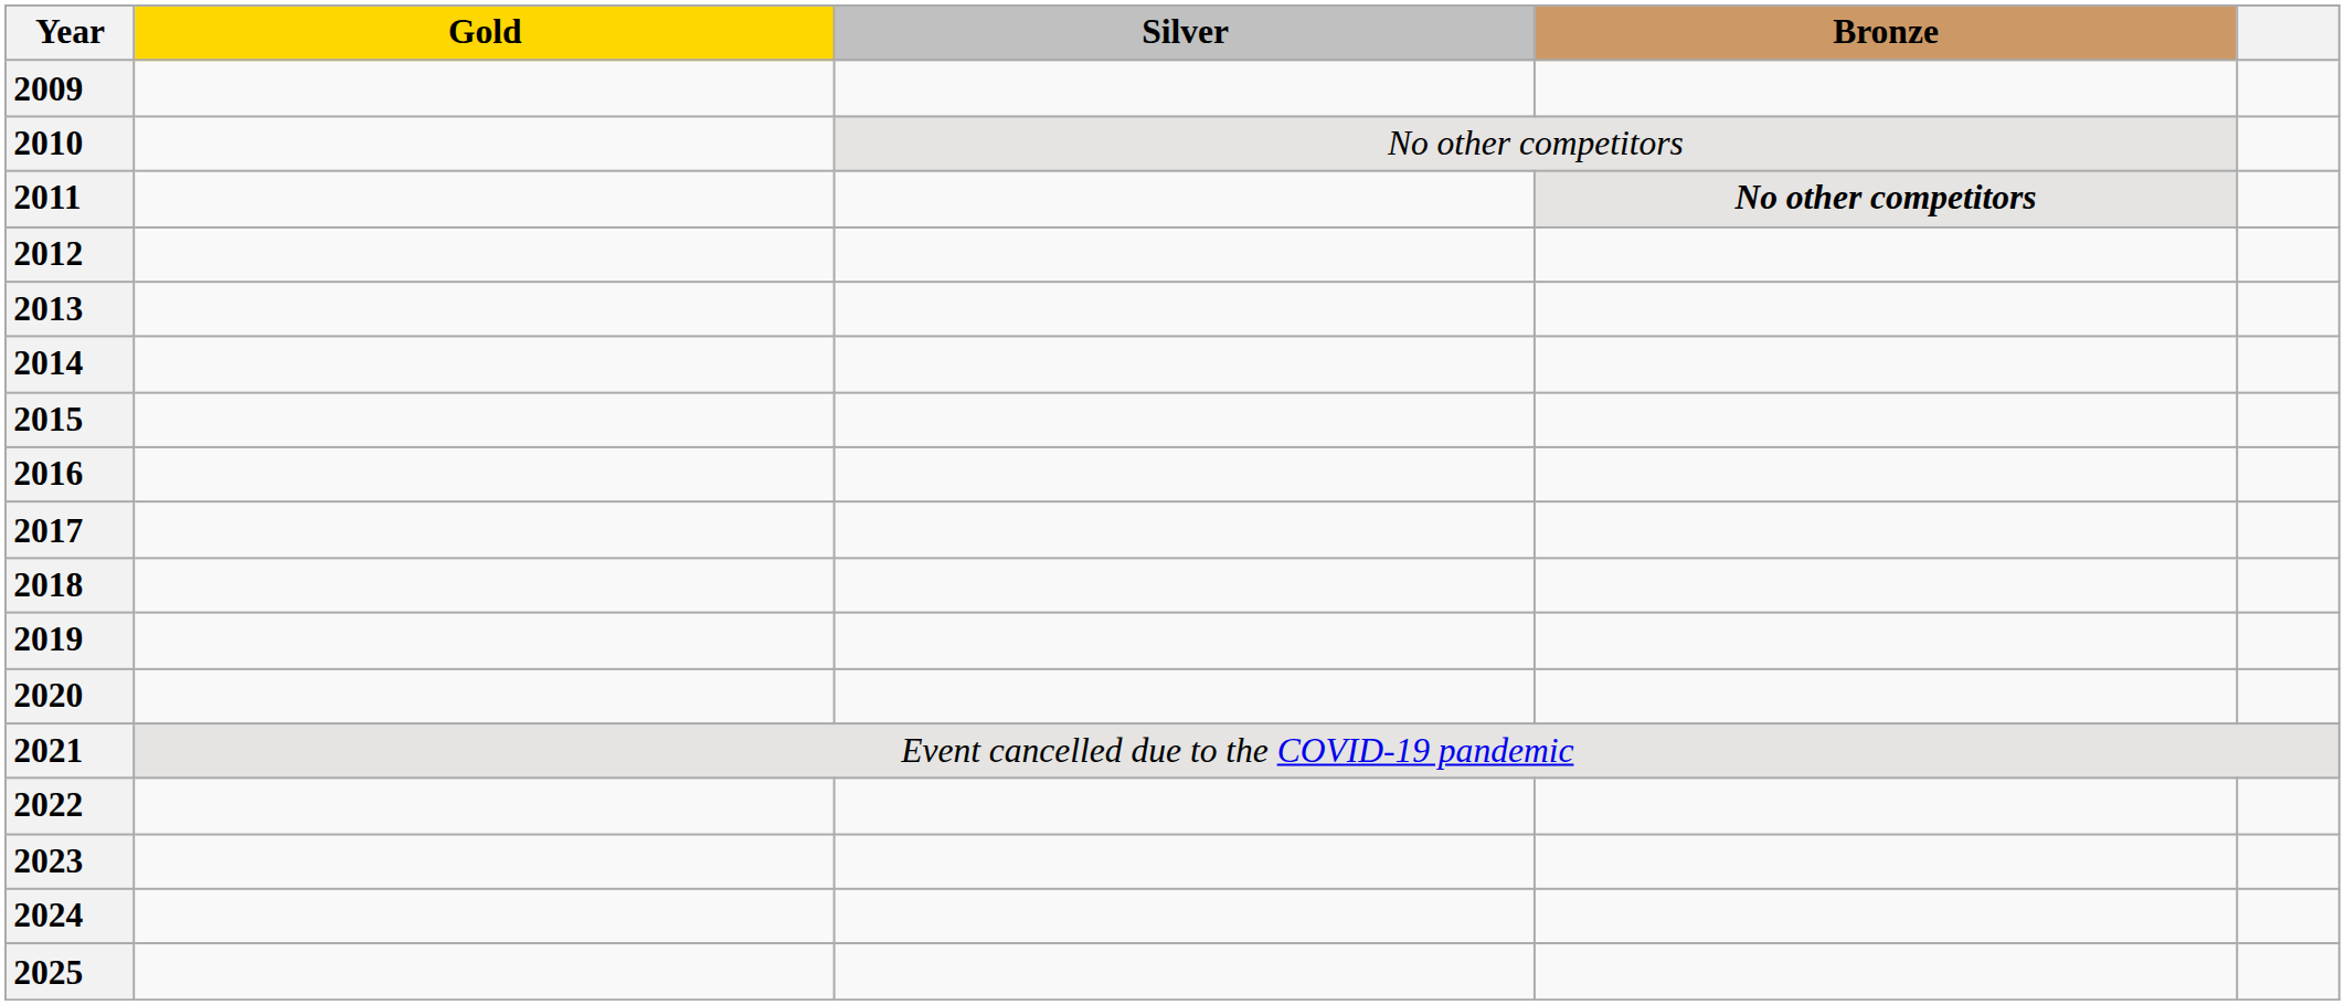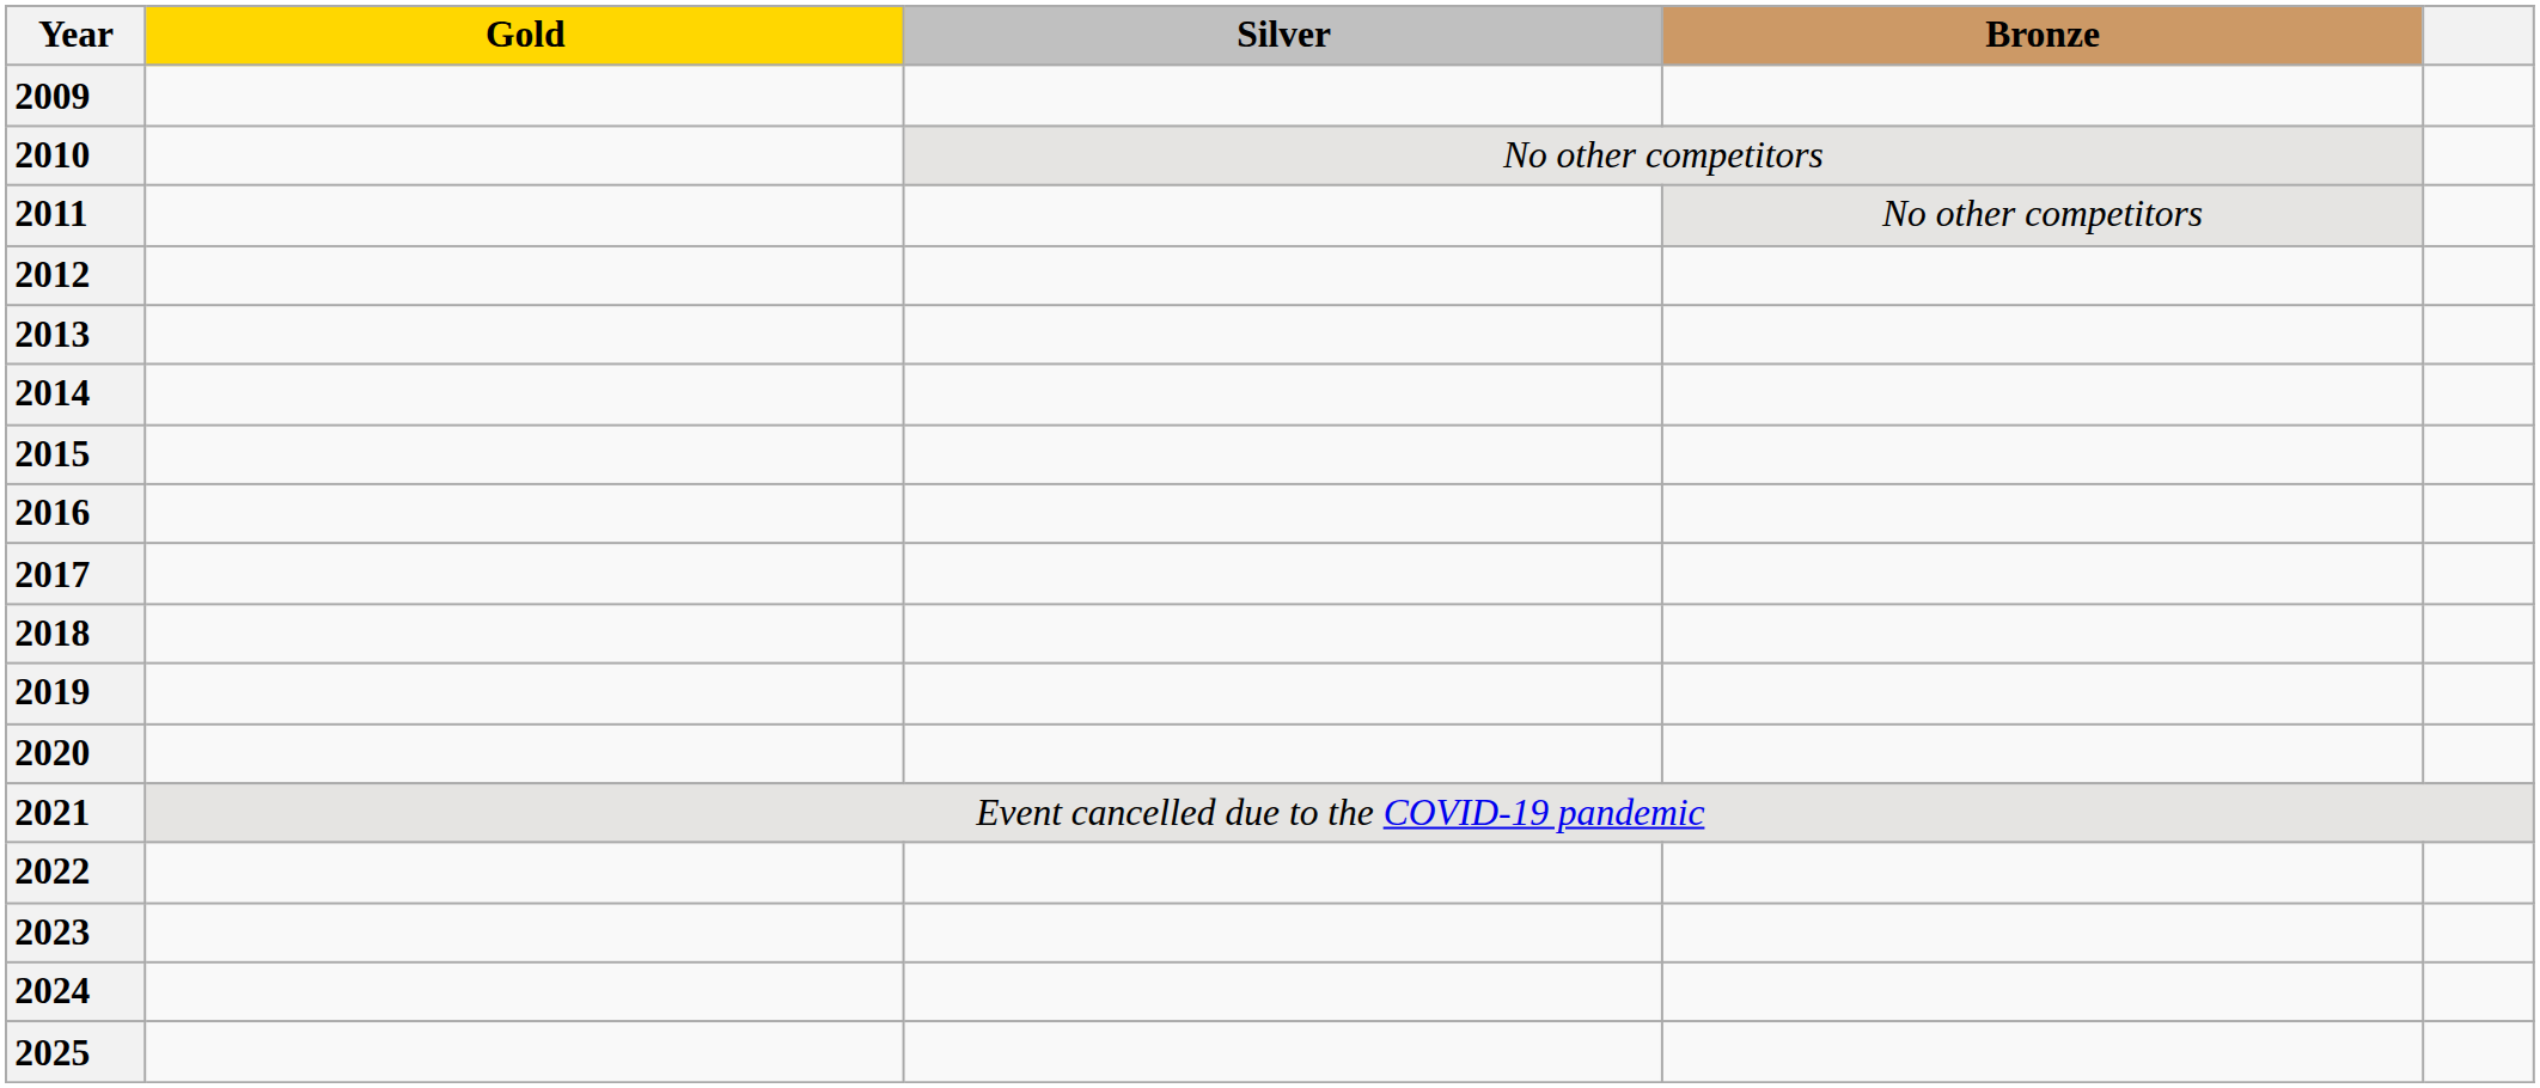 <table class="wikitable unsortable" style="text-align:left; width:85%">
 <tr>
 <th scope="col" style="text-align:center">Year</th>
 <td scope="col" style="text-align:center; width:30%; background:gold"><strong>Gold</strong></td>
 <td scope="col" style="text-align:center; width:30%; background:silver"><strong>Silver</strong></td>
 <td scope="col" style="text-align:center; width:30%; background:#c96"><strong>Bronze</strong></td>
 <th scope="col" style="text-align:center"></th>
 </tr>
 <tr>
 <th scope="row" style="text-align:left">2009</th>
 <td></td>
 <td></td>
 <td></td>
 <td></td>
 </tr>
 <tr>
 <th scope="row" style="text-align:left">2010</th>
 <td></td>
 <td colspan="2" align="center" bgcolor="e5e4e2"><em>No other competitors</em></td>
 <td></td>
 </tr>
 <tr>
 <th scope="row" style="text-align:left">2011</th>
 <td></td>
 <td></td>
-<td align="center" bgcolor="e5e4e2"><strong><em>No other competitors</em></strong></td>
+<td align="center" bgcolor="e5e4e2"><em>No other competitors</em></td>
 <td></td>
 </tr>
 <tr>
 <th scope="row" style="text-align:left">2012</th>
 <td></td>
 <td></td>
 <td></td>
 <td></td>
 </tr>
 <tr>
 <th scope="row" style="text-align:left">2013</th>
 <td></td>
 <td></td>
 <td></td>
 <td></td>
 </tr>
 <tr>
 <th scope="row" style="text-align:left">2014</th>
 <td></td>
 <td></td>
 <td></td>
 <td></td>
 </tr>
 <tr>
 <th scope="row" style="text-align:left">2015</th>
 <td></td>
 <td></td>
 <td></td>
 <td></td>
 </tr>
 <tr>
 <th scope="row" style="text-align:left">2016</th>
 <td></td>
 <td></td>
 <td></td>
 <td></td>
 </tr>
 <tr>
 <th scope="row" style="text-align:left">2017</th>
 <td></td>
 <td></td>
 <td></td>
 <td></td>
 </tr>
 <tr>
 <th scope="row" style="text-align:left">2018</th>
 <td></td>
 <td></td>
 <td></td>
 <td></td>
 </tr>
 <tr>
 <th scope="row" style="text-align:left">2019</th>
 <td></td>
 <td></td>
 <td></td>
 <td></td>
 </tr>
 <tr>
 <th scope="row" style="text-align:left">2020</th>
 <td></td>
 <td></td>
 <td></td>
 <td></td>
 </tr>
 <tr>
 <th scope="row" style="text-align:left">2021</th>
 <td colspan="4" align="center" bgcolor="e5e4e2"><em>Event cancelled due to the <a href='#'>COVID-19 pandemic</a></em></td>
 </tr>
 <tr>
 <th scope="row" style="text-align:left">2022</th>
 <td></td>
 <td></td>
 <td></td>
 <td></td>
 </tr>
 <tr>
 <th scope="row" style="text-align:left">2023</th>
 <td></td>
 <td></td>
 <td></td>
 <td></td>
 </tr>
 <tr>
 <th scope="row" style="text-align:left">2024</th>
 <td></td>
 <td></td>
 <td></td>
 <td></td>
 </tr>
 <tr>
 <th scope="row" style="text-align:left">2025</th>
 <td></td>
 <td></td>
 <td></td>
 <td></td>
 </tr>
 </table>
